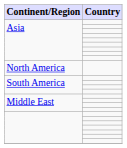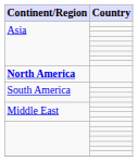 <table class="wikitable">
 <tr>
 <th style="background:#ddf">Continent/Region</th>
 <th style="background:#ddf">Country</th>
 </tr>
 <tr>
 <td rowspan="9" valign="top"><a href='#'>Asia</a></td>
 <td></td>
 </tr>
 <tr>
 <td></td>
 </tr>
 <tr>
 <td></td>
 </tr>
 <tr>
 <td></td>
 </tr>
 <tr>
 <td></td>
 </tr>
 <tr>
 <td></td>
 </tr>
 <tr>
 <td></td>
 </tr>
 <tr>
 <td></td>
 </tr>
 <tr>
 <td></td>
 </tr>
 <tr>
-<td rowspan="1" valign="top"><a href='#'>North America</a></td>
+<td rowspan="1" valign="top"><strong><a href='#'>North America</a></strong></td>
 <td></td>
 </tr>
 <tr>
 <td rowspan="4" valign="top"><a href='#'>South America</a></td>
 <td></td>
 </tr>
 <tr>
 <td></td>
 </tr>
 <tr>
 <td></td>
 </tr>
 <tr>
 <td></td>
 </tr>
 <tr>
 <td rowspan="4" valign="top"><a href='#'>Middle East</a></td>
 <td></td>
 </tr>
 <tr>
 <td></td>
 </tr>
 <tr>
 <td></td>
 </tr>
 <tr>
 <td></td>
 </tr>
 <tr>
 <td rowspan="7" valign="top"></td>
 <td></td>
 </tr>
 <tr>
 <td></td>
 </tr>
 <tr>
 <td></td>
 </tr>
 <tr>
 <td></td>
 </tr>
 <tr>
 <td></td>
 </tr>
 <tr>
 <td></td>
 </tr>
 <tr>
 <td></td>
 </tr>
 <tr>
 </tr>
 </table>
